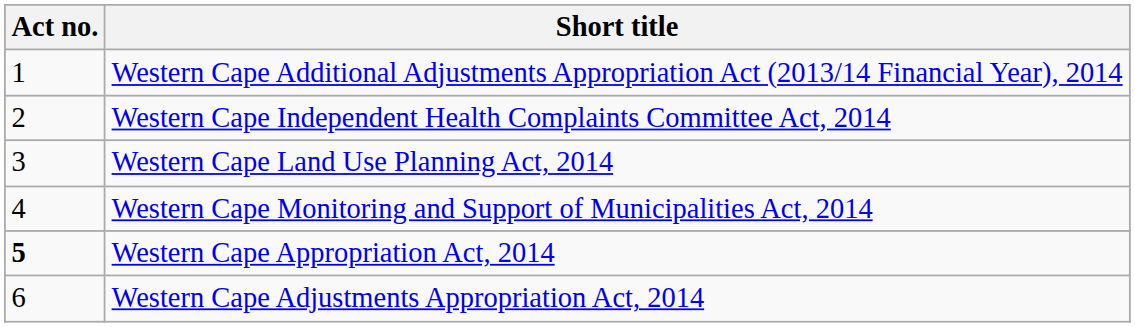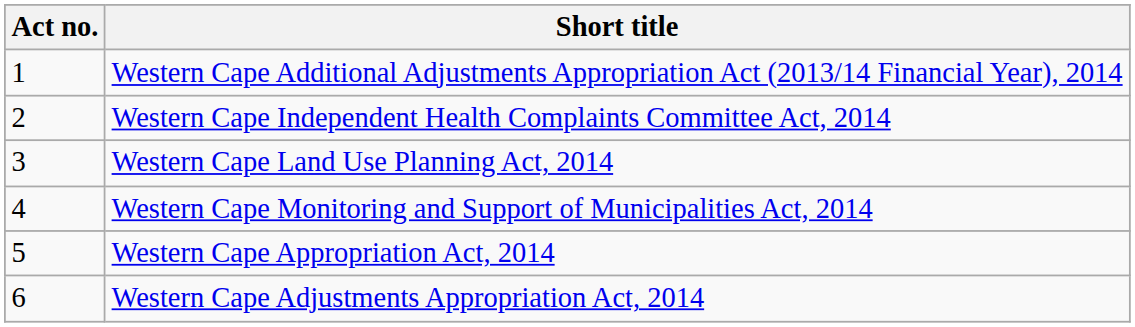 <table class=wikitable sortable>
 <tr>
 <th>Act no.</th>
 <th>Short title</th>
 </tr>
 <tr>
 <td>1</td>
 <td><a href='#'>Western Cape Additional Adjustments Appropriation Act (2013/14 Financial Year), 2014</a></td>
 </tr>
 <tr>
 <td>2</td>
 <td><a href='#'>Western Cape Independent Health Complaints Committee Act, 2014</a></td>
 </tr>
 <tr>
 <td>3</td>
 <td><a href='#'>Western Cape Land Use Planning Act, 2014</a></td>
 </tr>
 <tr>
 <td>4</td>
 <td><a href='#'>Western Cape Monitoring and Support of Municipalities Act, 2014</a></td>
 </tr>
 <tr>
-<td><strong>5</strong></td>
+<td>5</td>
 <td><a href='#'>Western Cape Appropriation Act, 2014</a></td>
 </tr>
 <tr>
 <td>6</td>
 <td><a href='#'>Western Cape Adjustments Appropriation Act, 2014</a></td>
 </tr>
 </table>
